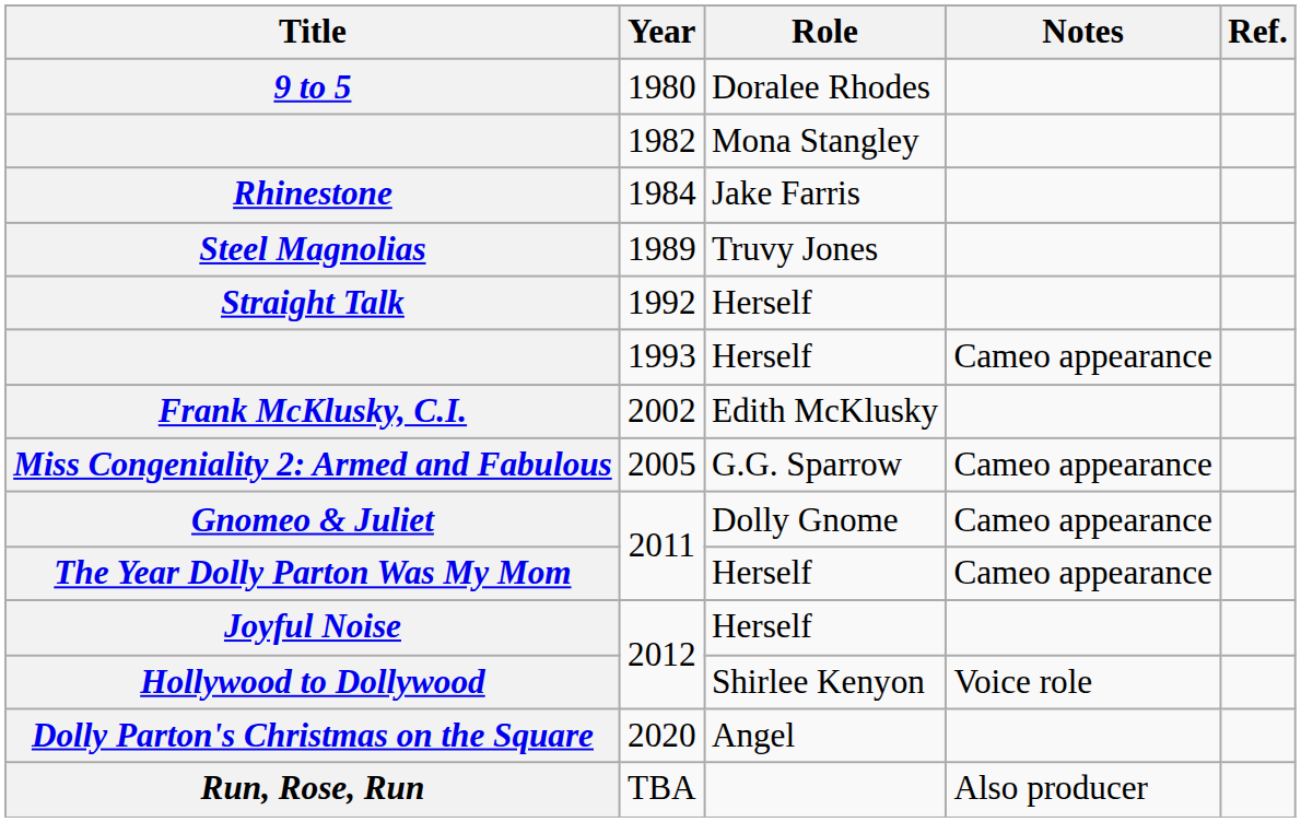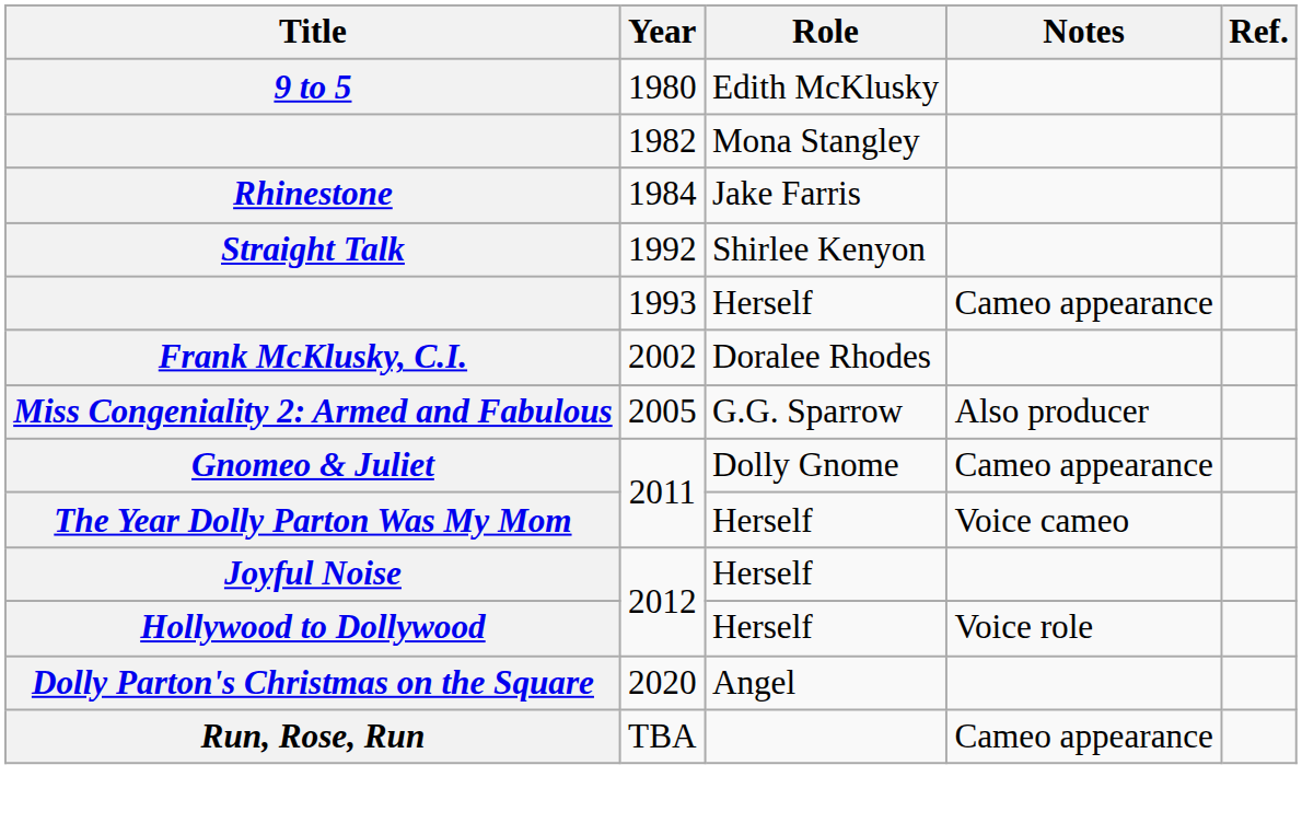 <table class="wikitable sortable plainrowheaders">
 <tr>
 <th scope="col">Title</th>
 <th scope="col">Year</th>
 <th scope="col">Role</th>
 <th scope="col" class="unsortable">Notes</th>
 <th scope="col" class="unsortable">Ref.</th>
 </tr>
 <tr>
 <th scope="row"><em><a href='#'>9 to 5</a></em></th>
 <td style="text-align:center;">1980</td>
-<td>Doralee Rhodes</td>
+<td>Edith McKlusky</td>
 <td></td>
 <td></td>
 </tr>
 <tr>
 <th scope="row"><em></em></th>
 <td style="text-align:center;">1982</td>
 <td>Mona Stangley</td>
 <td></td>
 <td></td>
 </tr>
 <tr>
 <th scope="row"><em><a href='#'>Rhinestone</a></em></th>
 <td style="text-align:center;">1984</td>
 <td>Jake Farris</td>
 <td></td>
 <td></td>
 </tr>
 <tr>
-<th scope="row"><em><a href='#'>Steel Magnolias</a></em></th>
-<td style="text-align:center;">1989</td>
-<td>Truvy Jones</td>
-<td></td>
-<td></td>
-</tr>
-<tr>
 <th scope="row"><em><a href='#'>Straight Talk</a></em></th>
 <td style="text-align:center;">1992</td>
-<td>Herself</td>
+<td>Shirlee Kenyon</td>
 <td></td>
 <td></td>
 </tr>
 <tr>
 <th scope="row"><em></em></th>
 <td style="text-align:center;">1993</td>
 <td>Herself</td>
 <td>Cameo appearance</td>
 <td></td>
 </tr>
 <tr>
 <th scope="row"><em><a href='#'>Frank McKlusky, C.I.</a></em></th>
 <td style="text-align:center;">2002</td>
-<td>Edith McKlusky</td>
+<td>Doralee Rhodes</td>
 <td></td>
 <td></td>
 </tr>
 <tr>
 <th scope="row"><em><a href='#'>Miss Congeniality 2: Armed and Fabulous</a></em></th>
 <td style="text-align:center;">2005</td>
 <td>G.G. Sparrow</td>
-<td>Cameo appearance</td>
+<td>Also producer</td>
 <td></td>
 </tr>
 <tr>
 <th scope="row"><em><a href='#'>Gnomeo & Juliet</a></em></th>
 <td rowspan="2" style="text-align:center;">2011</td>
 <td>Dolly Gnome</td>
 <td>Cameo appearance</td>
 <td></td>
 </tr>
 <tr>
 <th scope="row"><em><a href='#'>The Year Dolly Parton Was My Mom</a></em></th>
 <td>Herself</td>
-<td>Cameo appearance</td>
+<td>Voice cameo</td>
 <td></td>
 </tr>
 <tr>
 <th scope="row"><em><a href='#'>Joyful Noise</a></em></th>
 <td rowspan="2" style="text-align:center;">2012</td>
 <td>Herself</td>
 <td></td>
 <td></td>
 </tr>
 <tr>
 <th scope="row"><em><a href='#'>Hollywood to Dollywood</a></em></th>
-<td>Shirlee Kenyon</td>
+<td>Herself</td>
 <td>Voice role</td>
 <td></td>
 </tr>
 <tr>
 <th scope = "row"><em><a href='#'>Dolly Parton's Christmas on the Square</a></em></th>
 <td style="text-align:center;">2020</td>
 <td>Angel</td>
 <td></td>
 <td></td>
 </tr>
 <tr>
 <th scope = "row"><em>Run, Rose, Run</em></th>
 <td style="text-align:center;">TBA</td>
 <td></td>
-<td>Also producer</td>
+<td>Cameo appearance</td>
 <td></td>
 </tr>
 </table>
